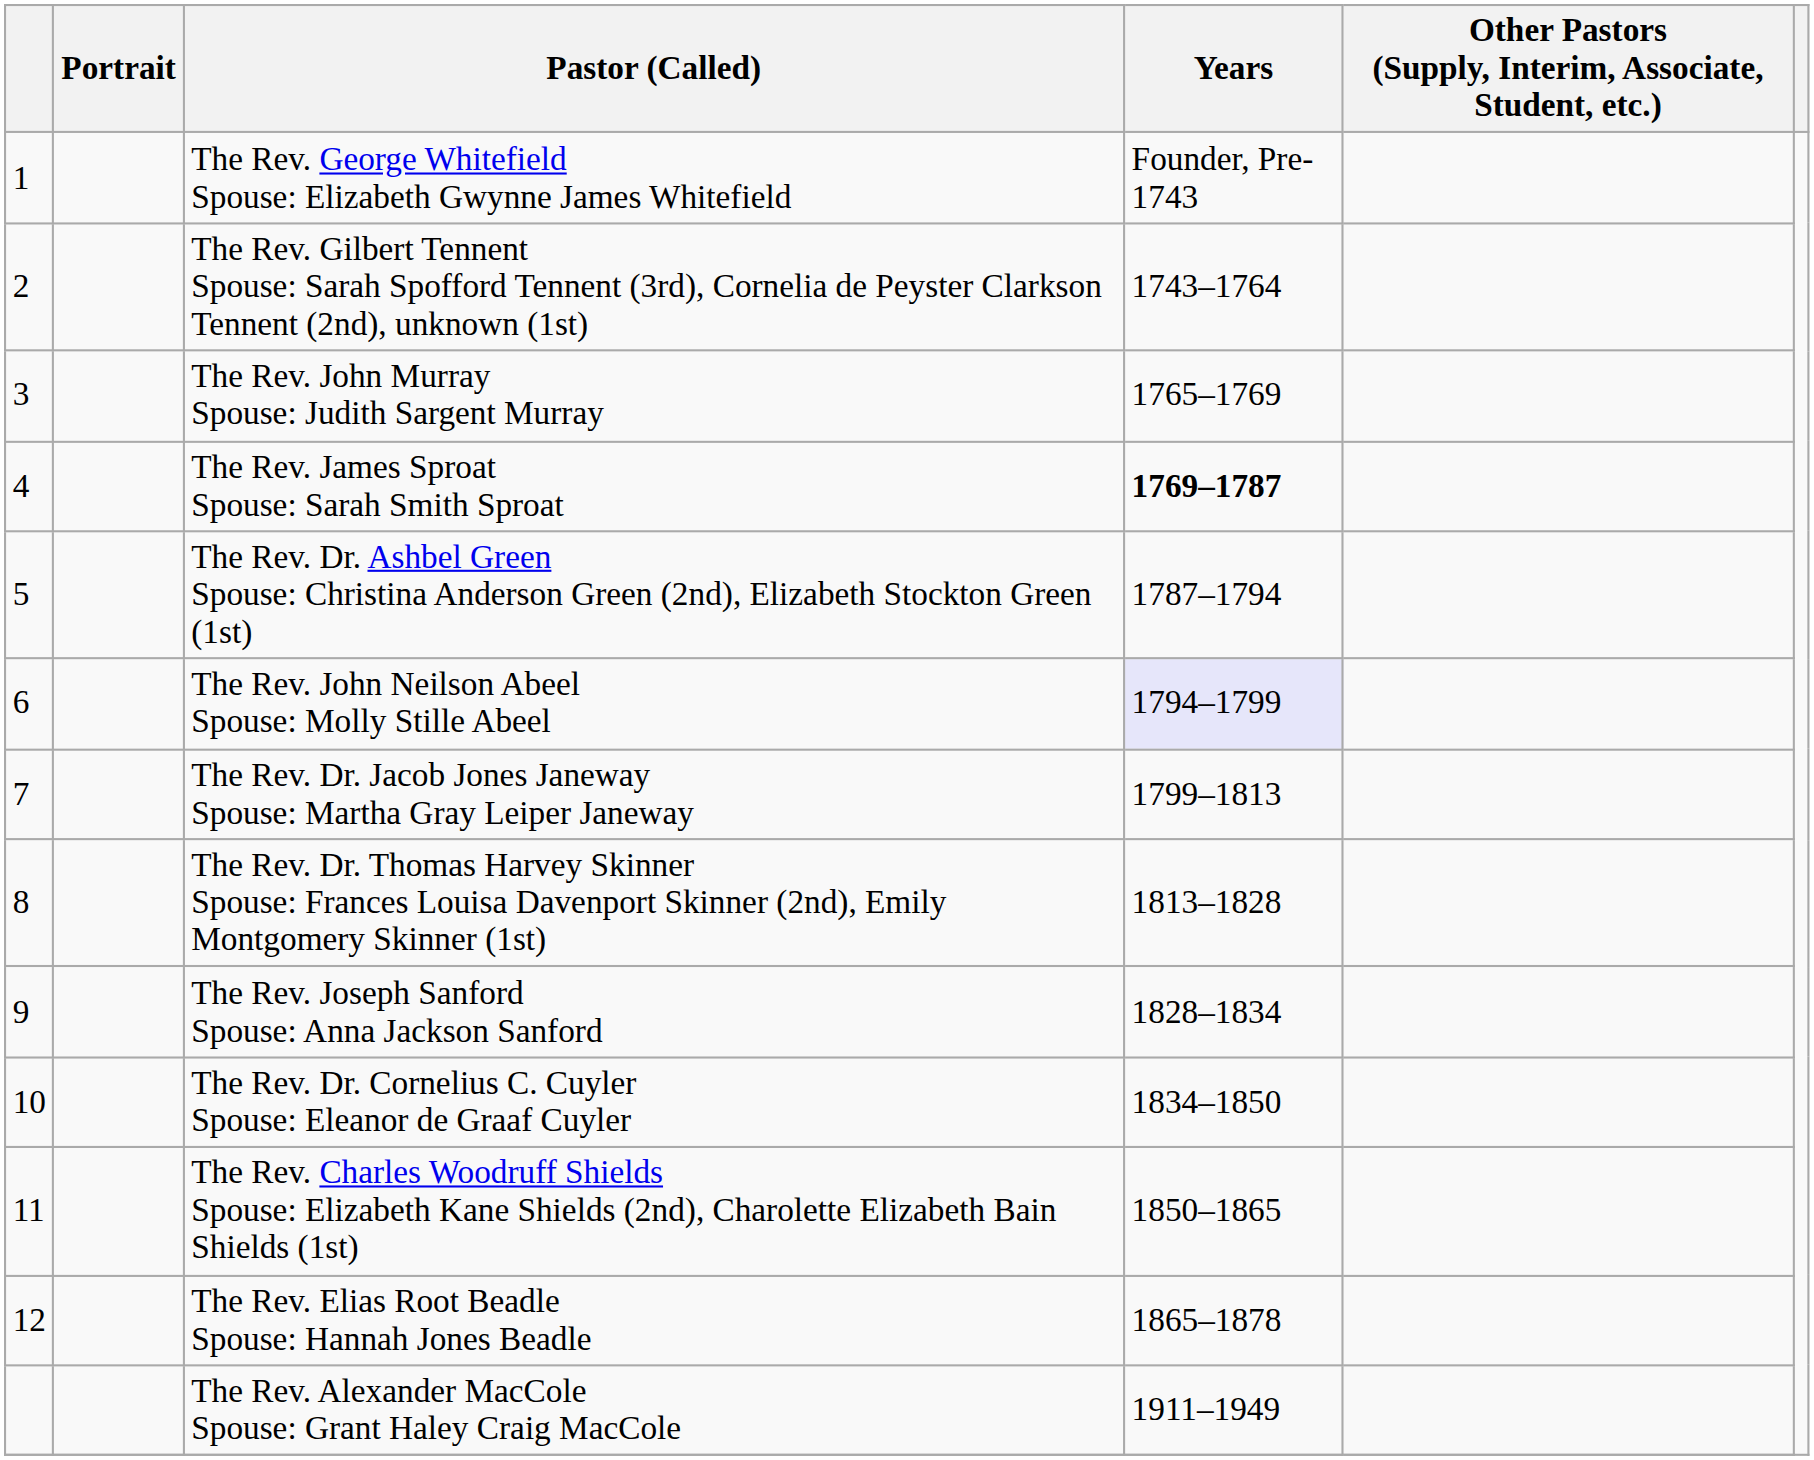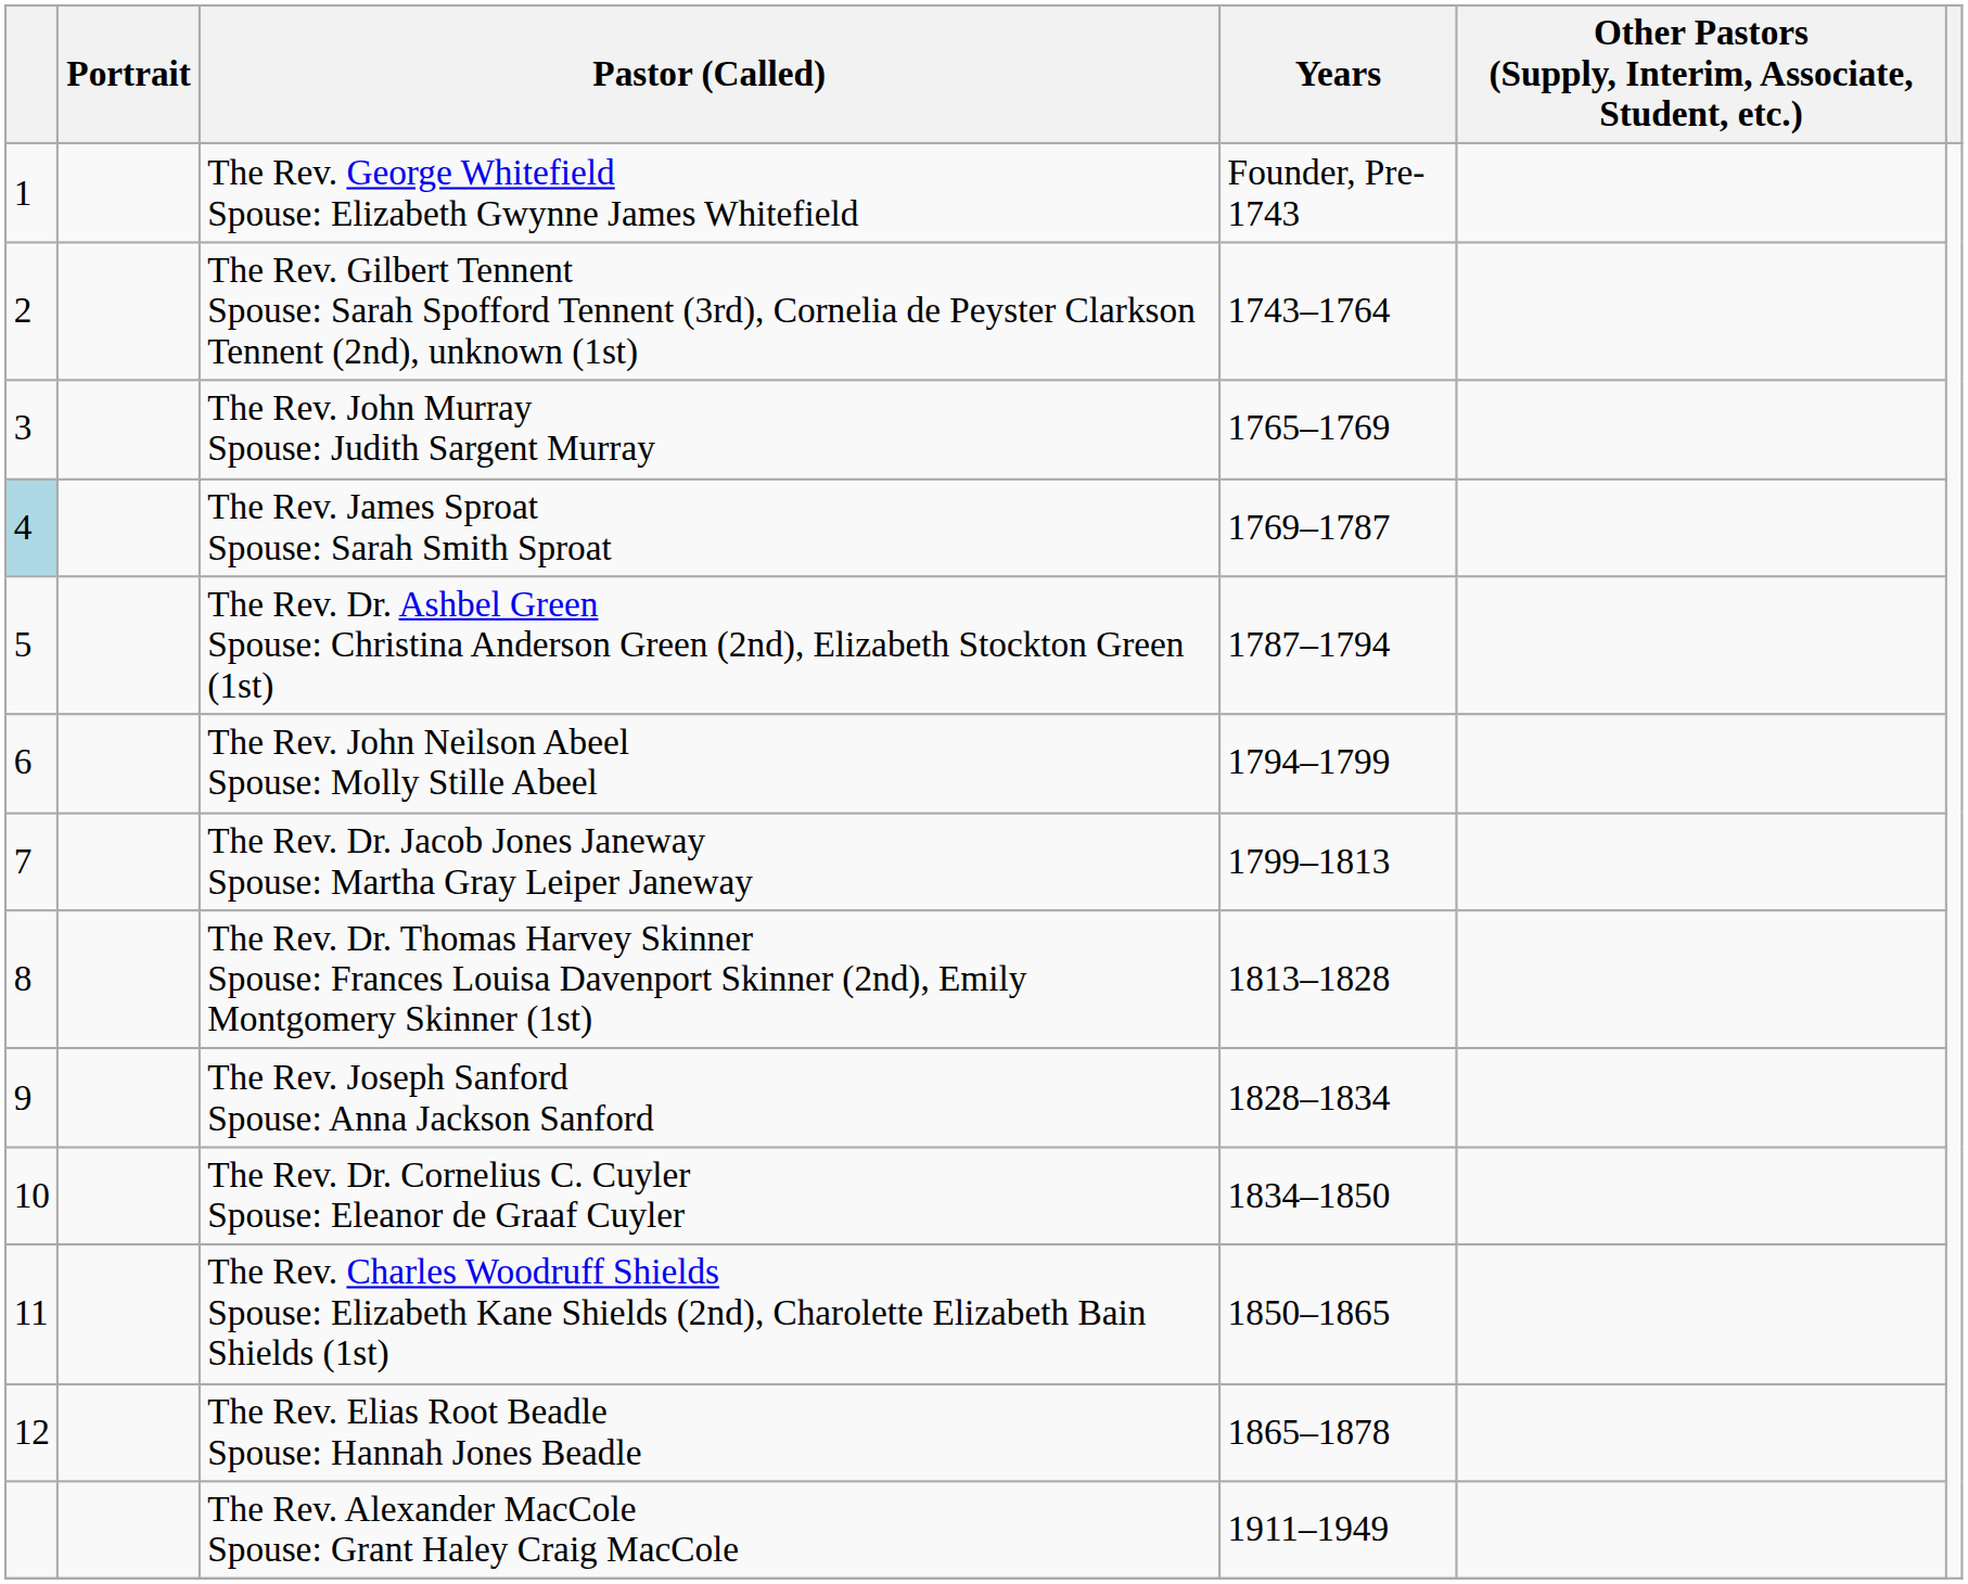 <table class="wikitable">
 <tr>
 <th scope="col"></th>
 <th scope="col">Portrait</th>
 <th scope="col">Pastor (Called)</th>
 <th scope="col">Years</th>
 <th scope="col">Other Pastors<br>(Supply, Interim, Associate, Student, etc.)</th>
 <th scope="col"></th>
 </tr>
 <tr>
 <td ! scope="row">1</td>
 <td></td>
 <td>The Rev. <a href='#'>George Whitefield</a><br>Spouse: Elizabeth Gwynne James Whitefield</td>
 <td>Founder, Pre-1743</td>
 <td></td>
 </tr>
 <tr>
 <td ! scope="row">2</td>
 <td></td>
 <td>The Rev. Gilbert Tennent<br>Spouse:  Sarah Spofford Tennent (3rd), Cornelia de Peyster Clarkson Tennent (2nd), unknown (1st)</td>
 <td>1743–1764</td>
 <td></td>
 </tr>
 <tr>
 <td ! scope="row">3</td>
 <td></td>
 <td>The Rev. John Murray<br>Spouse:  Judith Sargent Murray</td>
 <td>1765–1769</td>
 <td></td>
 </tr>
 <tr>
-<td ! scope="row">4</td>
+<td ! scope="row" style="background: lightblue;">4</td>
 <td></td>
 <td>The Rev. James Sproat<br>Spouse: Sarah Smith Sproat</td>
-<td><strong>1769–1787</strong></td>
+<td>1769–1787</td>
 <td></td>
 </tr>
 <tr>
 <td ! scope="row">5</td>
 <td></td>
 <td>The Rev. Dr. <a href='#'>Ashbel Green</a><br>Spouse: Christina Anderson Green (2nd), Elizabeth Stockton Green (1st)</td>
 <td>1787–1794</td>
 <td></td>
 </tr>
 <tr>
 <td ! scope="row">6</td>
 <td></td>
 <td>The Rev. John Neilson Abeel<br>Spouse:  Molly Stille Abeel</td>
-<td style="background: lavender;">1794–1799</td>
+<td>1794–1799</td>
 <td></td>
 </tr>
 <tr>
 <td ! scope="row">7</td>
 <td></td>
 <td>The Rev. Dr. Jacob Jones Janeway<br>Spouse: Martha Gray Leiper Janeway</td>
 <td>1799–1813</td>
 <td></td>
 </tr>
 <tr>
 <td ! scope="row">8</td>
 <td></td>
 <td>The Rev. Dr. Thomas Harvey Skinner<br>Spouse:  Frances Louisa Davenport Skinner (2nd), Emily Montgomery Skinner (1st)</td>
 <td>1813–1828</td>
 <td></td>
 </tr>
 <tr>
 <td ! scope="row">9</td>
 <td></td>
 <td>The Rev. Joseph Sanford<br>Spouse:  Anna Jackson Sanford</td>
 <td>1828–1834</td>
 <td></td>
 </tr>
 <tr>
 <td ! scope="row">10</td>
 <td></td>
 <td>The Rev. Dr. Cornelius C. Cuyler<br>Spouse: Eleanor de Graaf Cuyler</td>
 <td>1834–1850</td>
 <td></td>
 </tr>
 <tr>
 <td ! scope="row">11</td>
 <td></td>
 <td>The Rev. <a href='#'>Charles Woodruff Shields</a><br>Spouse: Elizabeth Kane Shields (2nd), Charolette Elizabeth Bain Shields (1st)</td>
 <td>1850–1865</td>
 <td></td>
 </tr>
 <tr>
 <td ! scope="row">12</td>
 <td></td>
 <td>The Rev. Elias Root Beadle<br>Spouse:  Hannah Jones Beadle</td>
 <td>1865–1878</td>
 <td></td>
 </tr>
 <tr>
 <td></td>
 <td></td>
 <td>The Rev. Alexander MacCole<br>Spouse:  Grant Haley Craig MacCole</td>
 <td>1911–1949</td>
 <td></td>
 </tr>
 <tr>
 </tr>
 </table>
